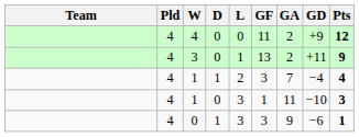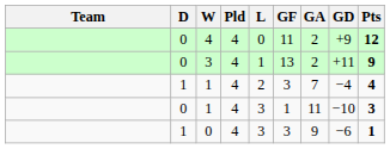 <table class="wikitable" style="text-align: center;">
 <tr>
 <th width="175">Team</th>
+<th width="20">D</th>
+<th width="20">W</th>
 <th width="20">Pld</th>
-<th width="20">W</th>
-<th width="20">D</th>
 <th width="20">L</th>
 <th width="20">GF</th>
 <th width="20">GA</th>
 <th width="20">GD</th>
 <th width="20">Pts</th>
 </tr>
 <tr bgcolor=#ccffcc>
 <td align=left></td>
+<td>0</td>
 <td>4</td>
 <td>4</td>
-<td>0</td>
 <td>0</td>
 <td>11</td>
 <td>2</td>
 <td>+9</td>
 <td><strong>12</strong></td>
 </tr>
 <tr bgcolor=#ccffcc>
 <td align=left></td>
+<td>0</td>
+<td>3</td>
 <td>4</td>
-<td>3</td>
-<td>0</td>
 <td>1</td>
 <td>13</td>
 <td>2</td>
 <td>+11</td>
 <td><strong>9</strong></td>
 </tr>
 <tr>
 <td align=left></td>
-<td>4</td>
 <td>1</td>
 <td>1</td>
+<td>4</td>
 <td>2</td>
 <td>3</td>
 <td>7</td>
 <td>−4</td>
 <td><strong>4</strong></td>
 </tr>
 <tr>
 <td align=left></td>
+<td>0</td>
+<td>1</td>
 <td>4</td>
-<td>1</td>
-<td>0</td>
 <td>3</td>
 <td>1</td>
 <td>11</td>
 <td>−10</td>
 <td><strong>3</strong></td>
 </tr>
 <tr>
 <td align=left></td>
+<td>1</td>
+<td>0</td>
 <td>4</td>
-<td>0</td>
-<td>1</td>
 <td>3</td>
 <td>3</td>
 <td>9</td>
 <td>−6</td>
 <td><strong>1</strong></td>
 </tr>
 </table>
